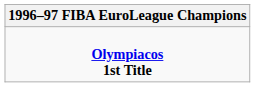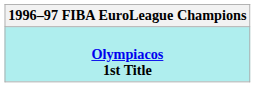 <table class=wikitable style="text-align:center; margin:auto">
 <tr>
 <th>1996–97 FIBA EuroLeague Champions</th>
 </tr>
 <tr>
-<td><br> <strong><a href='#'>Olympiacos</a></strong> <br> <strong>1st Title</strong></td>
+<td style="background: paleturquoise;"><br> <strong><a href='#'>Olympiacos</a></strong> <br> <strong>1st Title</strong></td>
 </tr>
 </table>
